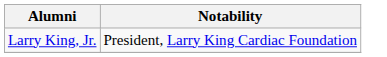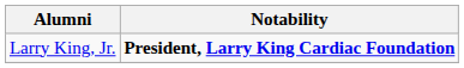 <table Class="wikitable">
 <tr>
 <th>Alumni</th>
 <th>Notability</th>
 </tr>
 <tr>
 <td><a href='#'>Larry King, Jr.</a></td>
-<td>President, <a href='#'>Larry King Cardiac Foundation</a></td>
+<td><strong>President, <a href='#'>Larry King Cardiac Foundation</a></strong></td>
 </tr>
 <tr>
 </tr>
 </table>
